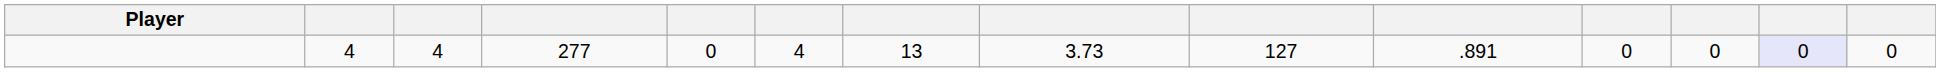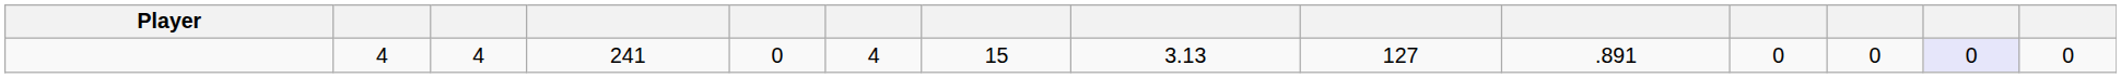 <table class="wikitable sortable" style="width:100%; text-align:center;">
 <tr style="text-align:center; background:#ddd;">
 <th>Player</th>
 <th></th>
 <th></th>
 <th></th>
 <th></th>
 <th></th>
 <th></th>
 <th></th>
 <th></th>
 <th></th>
 <th></th>
 <th></th>
 <th></th>
 <th></th>
 </tr>
 <tr>
 <td></td>
 <td>4</td>
 <td>4</td>
-<td>277</td>
+<td>241</td>
 <td>0</td>
 <td>4</td>
-<td>13</td>
-<td>3.73</td>
+<td>15</td>
+<td>3.13</td>
 <td>127</td>
 <td>.891</td>
 <td>0</td>
 <td>0</td>
 <td style="background: lavender;">0</td>
 <td>0</td>
 </tr>
 </table>
